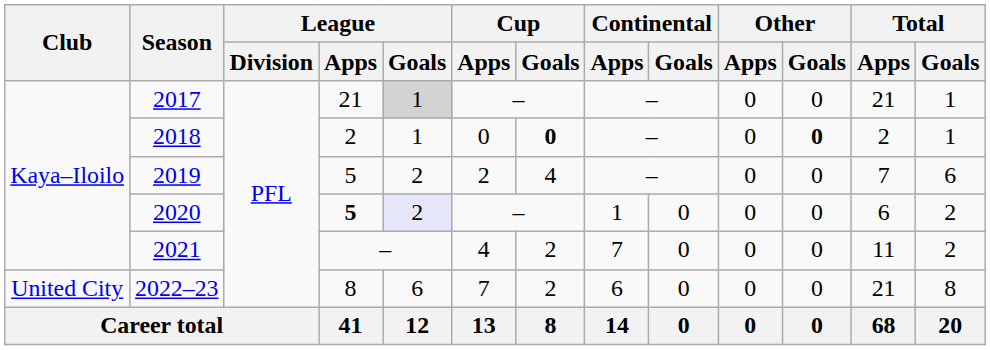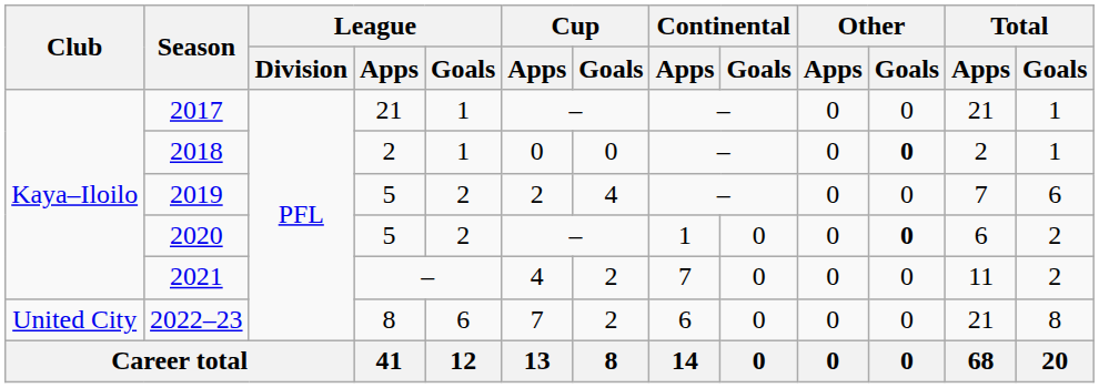 <table class="wikitable" style="text-align: center">
 <tr>
 <th rowspan="2">Club</th>
 <th rowspan="2">Season</th>
 <th colspan="3">League</th>
 <th colspan="2">Cup</th>
 <th colspan="2">Continental</th>
 <th colspan="2">Other</th>
 <th colspan="2">Total</th>
 </tr>
 <tr>
 <th>Division</th>
 <th>Apps</th>
 <th>Goals</th>
 <th>Apps</th>
 <th>Goals</th>
 <th>Apps</th>
 <th>Goals</th>
 <th>Apps</th>
 <th>Goals</th>
 <th>Apps</th>
 <th>Goals</th>
 </tr>
 <tr>
 <td rowspan="5"><a href='#'>Kaya–Iloilo</a></td>
 <td><a href='#'>2017</a></td>
 <td rowspan="6"><a href='#'>PFL</a></td>
 <td>21</td>
-<td style="background: lightgrey;">1</td>
+<td>1</td>
 <td colspan="2">–</td>
 <td colspan="2">–</td>
 <td>0</td>
 <td>0</td>
 <td>21</td>
 <td>1</td>
 </tr>
 <tr>
 <td><a href='#'>2018</a></td>
 <td>2</td>
 <td>1</td>
 <td>0</td>
-<td><strong>0</strong></td>
+<td>0</td>
 <td colspan="2">–</td>
 <td>0</td>
 <td><strong>0</strong></td>
 <td>2</td>
 <td>1</td>
 </tr>
 <tr>
 <td><a href='#'>2019</a></td>
 <td>5</td>
 <td>2</td>
 <td>2</td>
 <td>4</td>
 <td colspan="2">–</td>
 <td>0</td>
 <td>0</td>
 <td>7</td>
 <td>6</td>
 </tr>
 <tr>
 <td><a href='#'>2020</a></td>
-<td><strong>5</strong></td>
-<td style="background: lavender;">2</td>
+<td>5</td>
+<td>2</td>
 <td colspan="2">–</td>
 <td>1</td>
 <td>0</td>
 <td>0</td>
-<td>0</td>
+<td><strong>0</strong></td>
 <td>6</td>
 <td>2</td>
 </tr>
 <tr>
 <td><a href='#'>2021</a></td>
 <td colspan="2">–</td>
 <td>4</td>
 <td>2</td>
 <td>7</td>
 <td>0</td>
 <td>0</td>
 <td>0</td>
 <td>11</td>
 <td>2</td>
 </tr>
 <tr>
 <td><a href='#'>United City</a></td>
 <td><a href='#'>2022–23</a></td>
 <td>8</td>
 <td>6</td>
 <td>7</td>
 <td>2</td>
 <td>6</td>
 <td>0</td>
 <td>0</td>
 <td>0</td>
 <td>21</td>
 <td>8</td>
 </tr>
 <tr>
 <th colspan="3"><strong>Career total</strong></th>
 <th>41</th>
 <th>12</th>
 <th>13</th>
 <th>8</th>
 <th>14</th>
 <th>0</th>
 <th>0</th>
 <th>0</th>
 <th>68</th>
 <th>20</th>
 </tr>
 </table>
